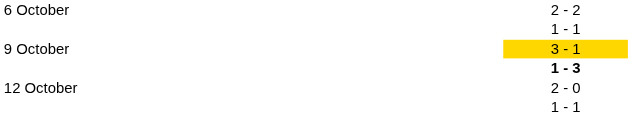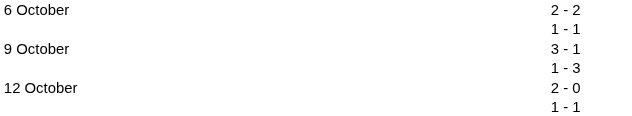 <table cellspacing=1 width=85%>
 <tr>
 <th width=15%></th>
 <th width=25%></th>
 <th width=10%></th>
 <th width=25%></th>
 <th width=25%></th>
 </tr>
 <tr>
 <td>6 October</td>
 <td align=right></td>
 <td align=center>2 - 2</td>
 <td></td>
 </tr>
 <tr>
 <td></td>
 <td align=right></td>
 <td align=center>1 - 1</td>
 <td></td>
 </tr>
 <tr>
 <td>9 October</td>
 <td align=right></td>
-<td align=center style="background: gold;">3 - 1</td>
+<td align=center>3 - 1</td>
 <td></td>
 </tr>
 <tr>
 <td></td>
 <td align=right></td>
-<td align=center><strong>1 - 3</strong></td>
+<td align=center>1 - 3</td>
 <td></td>
 </tr>
 <tr>
 <td>12 October</td>
 <td align=right></td>
 <td align=center>2 - 0</td>
 <td></td>
 </tr>
 <tr>
 <td></td>
 <td align=right></td>
 <td align=center>1 - 1</td>
 <td></td>
 </tr>
 </table>
